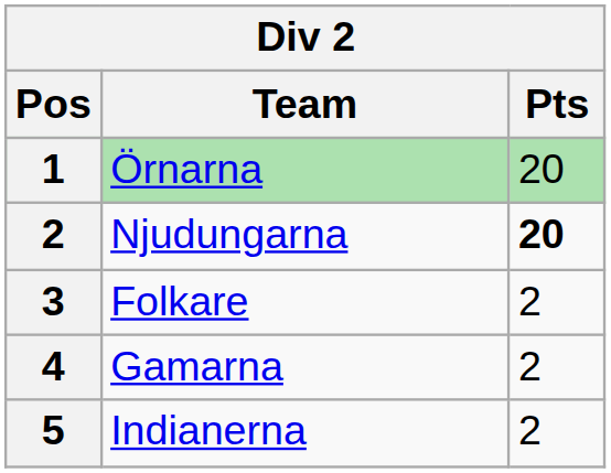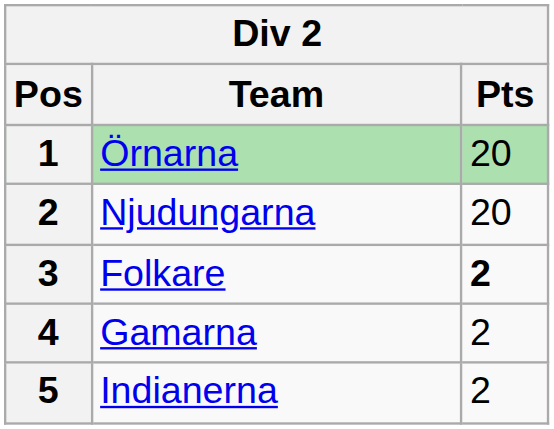 <table class="wikitable">
 <tr>
 <th colspan="3">Div 2</th>
 </tr>
 <tr>
 <th width=20>Pos</th>
 <th width=150>Team</th>
 <th width=30>Pts</th>
 </tr>
 <tr style="background:#ACE1AF;">
 <th>1</th>
 <td><a href='#'>Örnarna</a></td>
 <td>20</td>
 </tr>
 <tr>
 <th>2</th>
 <td><a href='#'>Njudungarna</a></td>
-<td><strong>20</strong></td>
+<td>20</td>
 </tr>
 <tr>
 <th>3</th>
 <td><a href='#'>Folkare</a></td>
-<td>2</td>
+<td><strong>2</strong></td>
 </tr>
 <tr>
 <th>4</th>
 <td><a href='#'>Gamarna</a></td>
 <td>2</td>
 </tr>
 <tr>
 <th>5</th>
 <td><a href='#'>Indianerna</a></td>
 <td>2</td>
 </tr>
 </table>
